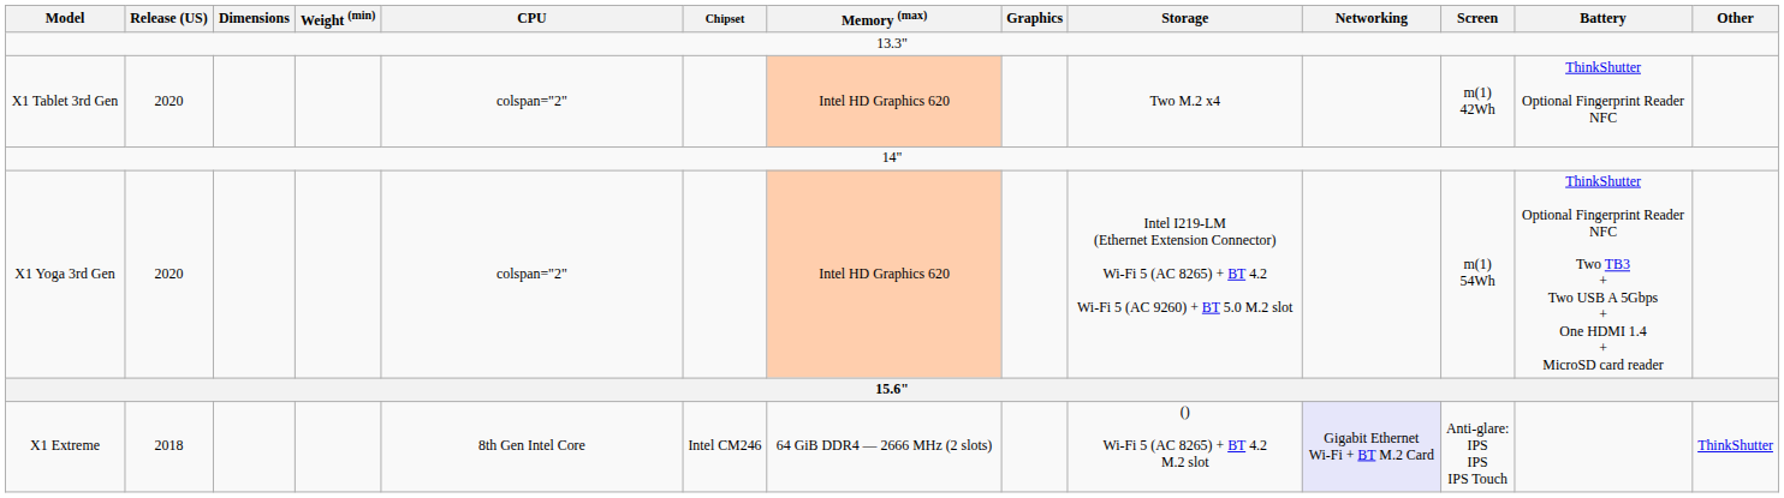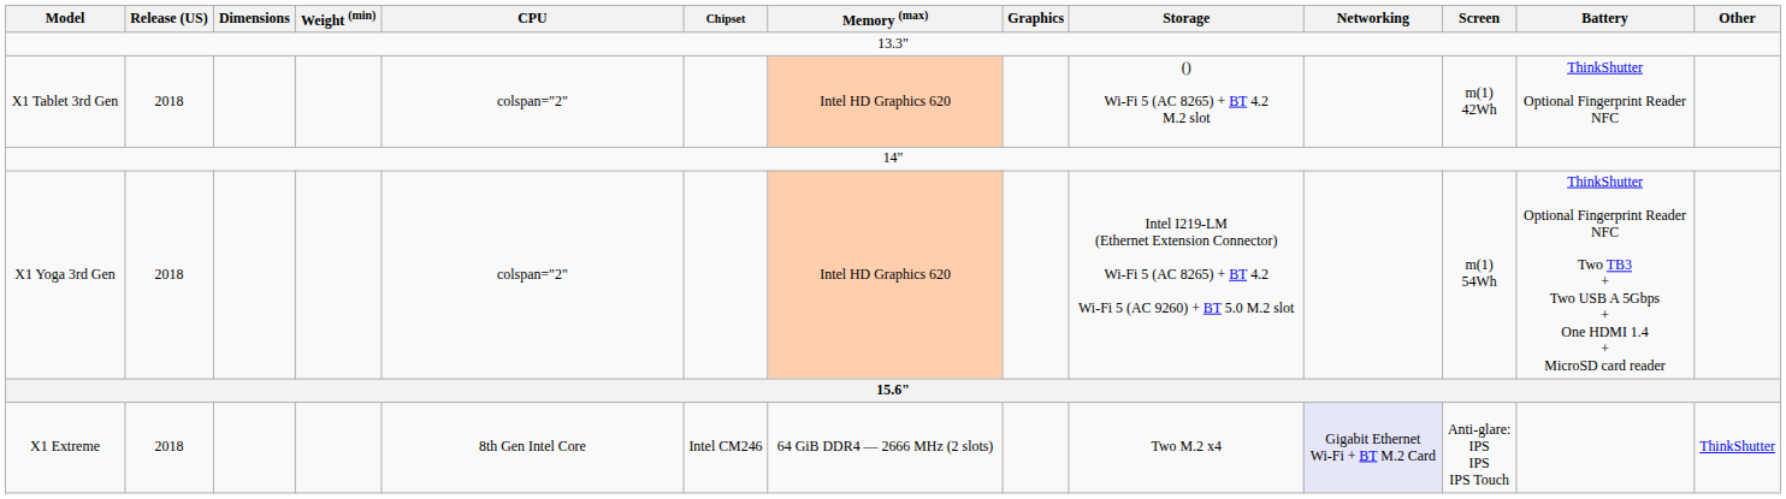 <table class="wikitable" style="font-size: 80%; text-align: center; min-width: 80%;">
 <tr>
 <th>Model</th>
 <th>Release (US)</th>
 <th>Dimensions</th>
 <th>Weight <sup>(min)</sup></th>
 <th style="width:17%">CPU</th>
 <th><small>Chipset</small></th>
 <th>Memory <sup>(max)</sup></th>
 <th>Graphics</th>
 <th>Storage</th>
 <th>Networking</th>
 <th>Screen</th>
 <th>Battery</th>
 <th>Other</th>
 </tr>
 <tr>
 <td colspan=13>13.3"</td>
 </tr>
 <tr>
 <td>X1 Tablet 3rd Gen </td>
-<td>2020</td>
+<td>2018</td>
 <td></td>
 <td></td>
 <td>colspan="2" </td>
 <td></td>
 <td style="background:#ffcead;">Intel HD Graphics 620</td>
 <td></td>
-<td style="background:">Two M.2 x4</td>
+<td>()<br><br>Wi-Fi 5 (AC 8265) + <a href='#'>BT</a> 4.2 <br>M.2 slot<br><br><small></small></td>
 <td></td>
 <td style="background:">m(1)<br>42Wh</td>
 <td><a href='#'>ThinkShutter</a><br><br>Optional Fingerprint Reader <br>NFC<br><br></td>
 </tr>
 <tr>
 <td colspan=13>14"</td>
 </tr>
 <tr>
 <td>X1 Yoga 3rd Gen </td>
-<td>2020</td>
+<td>2018</td>
 <td></td>
 <td></td>
 <td>colspan="2" </td>
 <td></td>
 <td style="background:#ffcead;">Intel HD Graphics 620</td>
 <td></td>
 <td>Intel I219-LM<br>(Ethernet Extension Connector)<br><br>Wi-Fi 5 (AC 8265) + <a href='#'>BT</a> 4.2<br><br>Wi-Fi 5 (AC 9260) + <a href='#'>BT</a> 5.0 M.2 slot<br><br><small></small></td>
 <td></td>
 <td style="background:">m(1)<br>54Wh</td>
 <td><a href='#'>ThinkShutter</a><br><br>Optional Fingerprint Reader <br>NFC<br><br>Two <a href='#'>TB3</a><br>+<br>Two USB A 5Gbps<br>+<br>One HDMI 1.4<br>+<br>MicroSD card reader</td>
 </tr>
 <tr>
 <th colspan=13>15.6"</th>
 </tr>
 <tr>
 <td>X1 Extreme </td>
 <td>2018</td>
 <td></td>
 <td></td>
 <td style="background:">8th Gen Intel Core</td>
 <td>Intel CM246</td>
 <td style="background:">64 GiB DDR4 — 2666 MHz (2 slots)</td>
 <td></td>
-<td>()<br><br>Wi-Fi 5 (AC 8265) + <a href='#'>BT</a> 4.2 <br>M.2 slot<br><br><small></small></td>
+<td style="background:">Two M.2 x4</td>
 <td style="background: lavender;"> Gigabit Ethernet<br>Wi-Fi + <a href='#'>BT</a> M.2 Card</td>
 <td style="background:"><br>Anti-glare: <br>  IPS <br>  IPS<br>  IPS Touch</td>
 <td></td>
 <td><a href='#'>ThinkShutter</a><br></td>
 </tr>
 </table>
